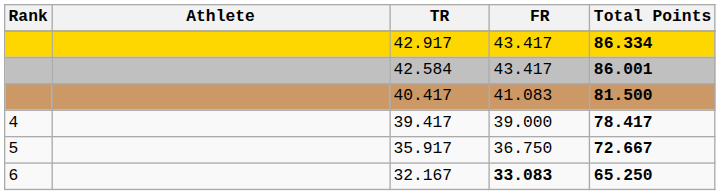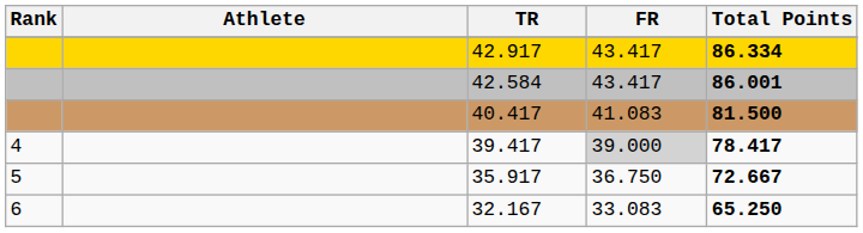 <table class="wikitable" style="font-size:95%" style="width:35em;" style="text-align:center">
 <tr>
 <th>Rank</th>
 <th width=250>Athlete</th>
 <th width=70>TR</th>
 <th width=70>FR</th>
 <th>Total Points</th>
 </tr>
 <tr>
 </tr>
 <tr bgcolor=gold>
 <td></td>
 <td align=left></td>
 <td>42.917</td>
 <td>43.417</td>
 <td><strong>86.334</strong></td>
 </tr>
 <tr bgcolor=silver>
 <td></td>
 <td align=left></td>
 <td>42.584</td>
 <td>43.417</td>
 <td><strong>86.001</strong></td>
 </tr>
 <tr bgcolor=cc9966>
 <td></td>
 <td align=left></td>
 <td>40.417</td>
 <td>41.083</td>
 <td><strong>81.500</strong></td>
 </tr>
 <tr>
 <td>4</td>
 <td align=left></td>
 <td>39.417</td>
-<td>39.000</td>
+<td style="background: lightgrey;">39.000</td>
 <td><strong>78.417</strong></td>
 </tr>
 <tr>
 <td>5</td>
 <td align=left></td>
 <td>35.917</td>
 <td>36.750</td>
 <td><strong>72.667</strong></td>
 </tr>
 <tr>
 <td>6</td>
 <td align=left></td>
 <td>32.167</td>
-<td><strong>33.083</strong></td>
+<td>33.083</td>
 <td><strong>65.250</strong></td>
 </tr>
 </table>
